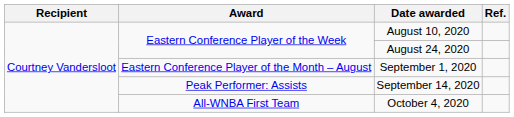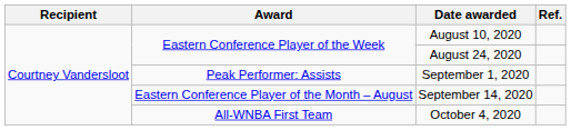 <table class="wikitable sortable sortable" style="text-align: center">
 <tr>
 <th>Recipient</th>
 <th>Award</th>
 <th>Date awarded</th>
 <th class="unsortable">Ref.</th>
 </tr>
 <tr>
 <td rowspan=5><a href='#'>Courtney Vandersloot</a></td>
 <td rowspan=2><a href='#'>Eastern Conference Player of the Week</a></td>
 <td>August 10, 2020</td>
 <td></td>
 </tr>
 <tr>
 <td>August 24, 2020</td>
 <td></td>
 </tr>
 <tr>
-<td><a href='#'>Eastern Conference Player of the Month – August</a></td>
+<td><a href='#'>Peak Performer: Assists</a></td>
 <td>September 1, 2020</td>
 <td></td>
 </tr>
 <tr>
-<td><a href='#'>Peak Performer: Assists</a></td>
+<td><a href='#'>Eastern Conference Player of the Month – August</a></td>
 <td>September 14, 2020</td>
 <td></td>
 </tr>
 <tr>
 <td><a href='#'>All-WNBA First Team</a></td>
 <td>October 4, 2020</td>
 <td></td>
 </tr>
 </table>
